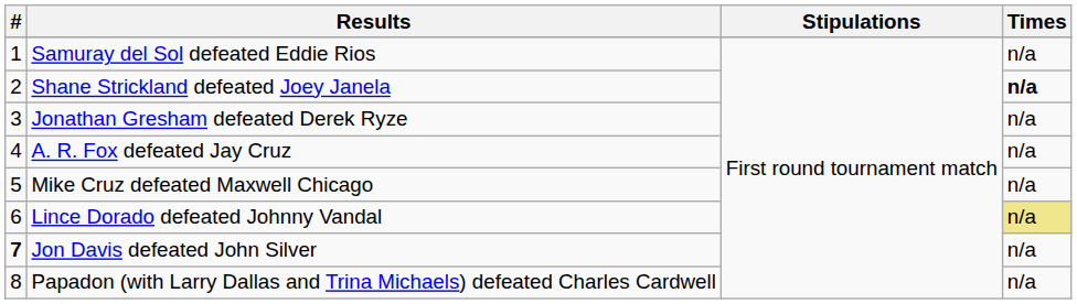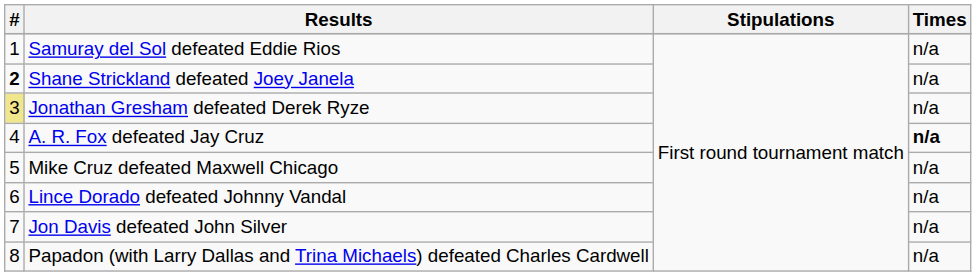 <table style="font-size: 85%" class="wikitable sortable">
 <tr>
 <th><strong>#</strong></th>
 <th><strong>Results</strong></th>
 <th><strong>Stipulations</strong></th>
 <th><strong>Times</strong></th>
 </tr>
 <tr>
 </tr>
 <tr>
 <td>1</td>
 <td><a href='#'>Samuray del Sol</a> defeated Eddie Rios</td>
 <td rowspan="8">First round tournament match</td>
 <td>n/a</td>
 </tr>
 <tr>
-<td>2</td>
+<td><strong>2</strong></td>
 <td><a href='#'>Shane Strickland</a> defeated <a href='#'>Joey Janela</a></td>
-<td><strong>n/a</strong></td>
+<td>n/a</td>
 </tr>
 <tr>
-<td>3</td>
+<td style="background: khaki;">3</td>
 <td><a href='#'>Jonathan Gresham</a> defeated Derek Ryze</td>
 <td>n/a</td>
 </tr>
 <tr>
 <td>4</td>
 <td><a href='#'>A. R. Fox</a> defeated Jay Cruz</td>
-<td>n/a</td>
+<td><strong>n/a</strong></td>
 </tr>
 <tr>
 <td>5</td>
 <td>Mike Cruz defeated Maxwell Chicago</td>
 <td>n/a</td>
 </tr>
 <tr>
 <td>6</td>
 <td><a href='#'>Lince Dorado</a> defeated Johnny Vandal</td>
-<td style="background: khaki;">n/a</td>
+<td>n/a</td>
 </tr>
 <tr>
-<td><strong>7</strong></td>
+<td>7</td>
 <td><a href='#'>Jon Davis</a> defeated John Silver</td>
 <td>n/a</td>
 </tr>
 <tr>
 <td>8</td>
 <td>Papadon (with Larry Dallas and <a href='#'>Trina Michaels</a>) defeated Charles Cardwell</td>
 <td>n/a</td>
 </tr>
 </table>
